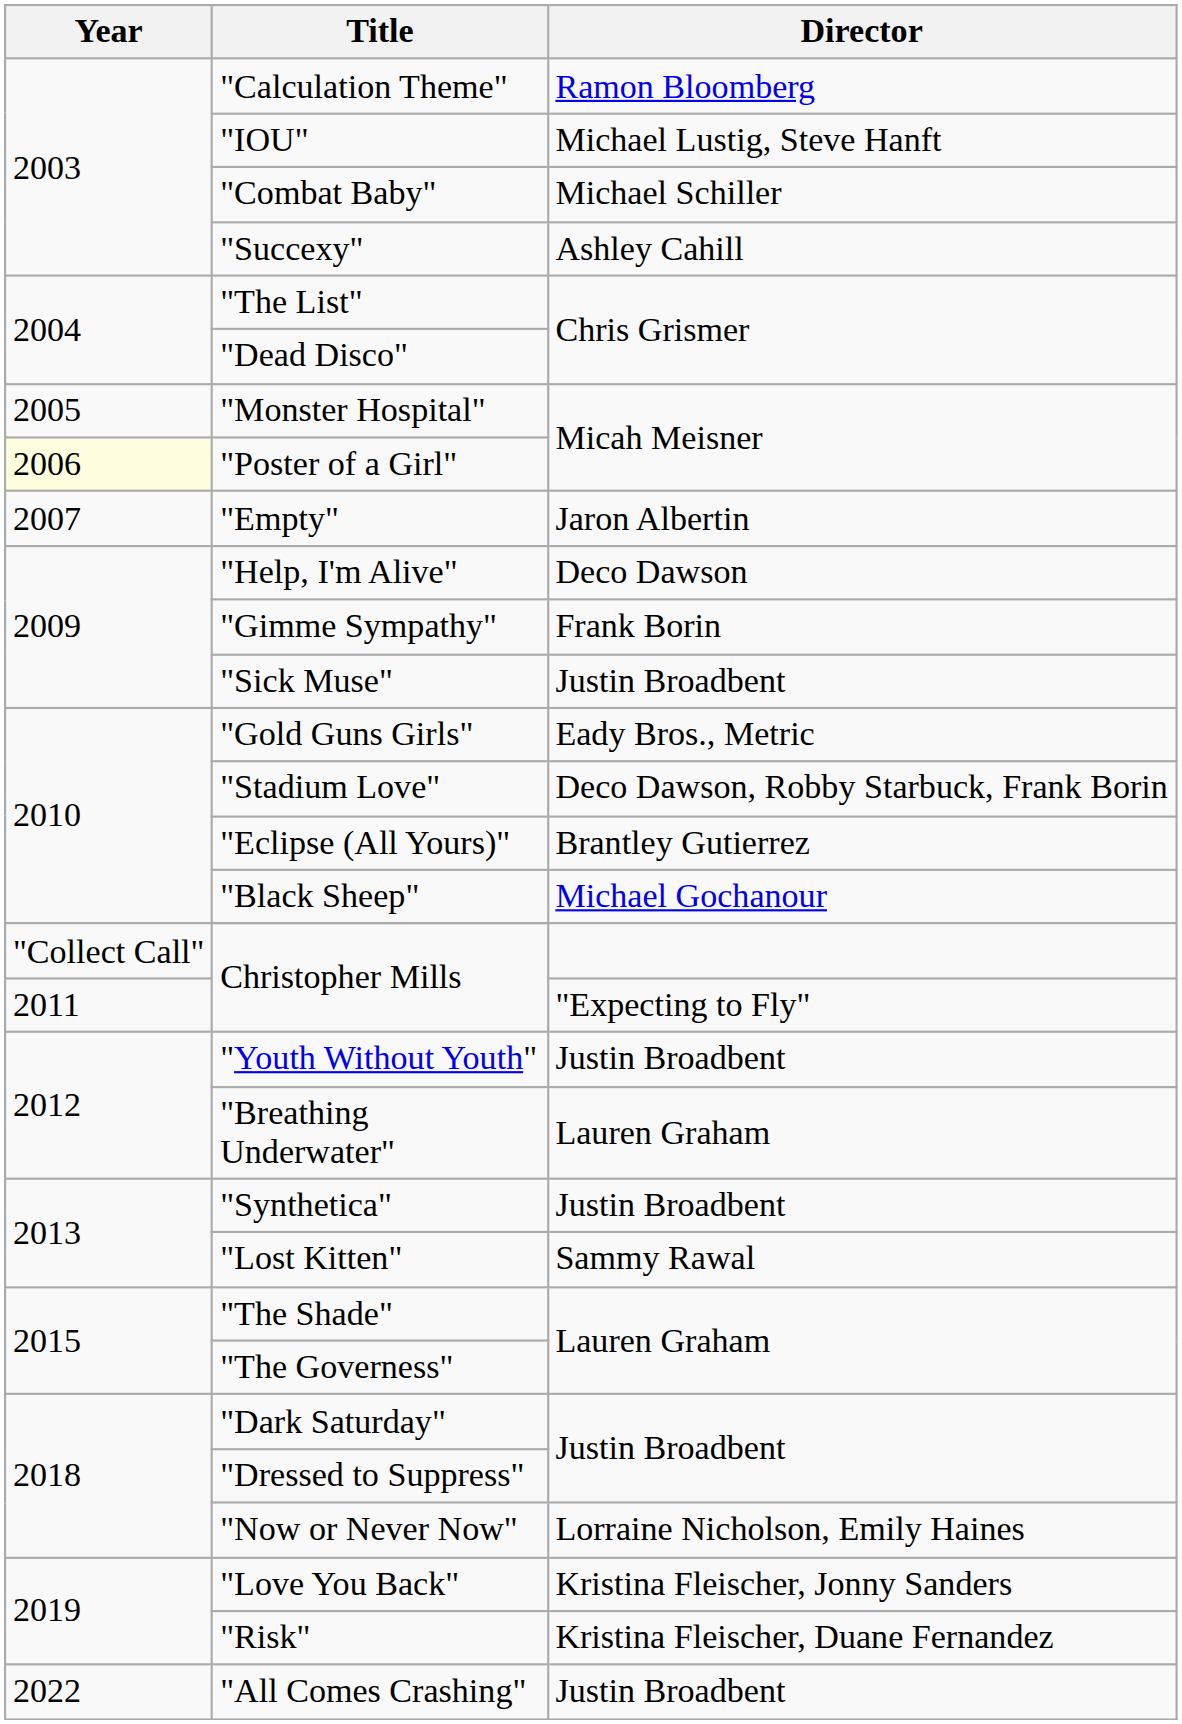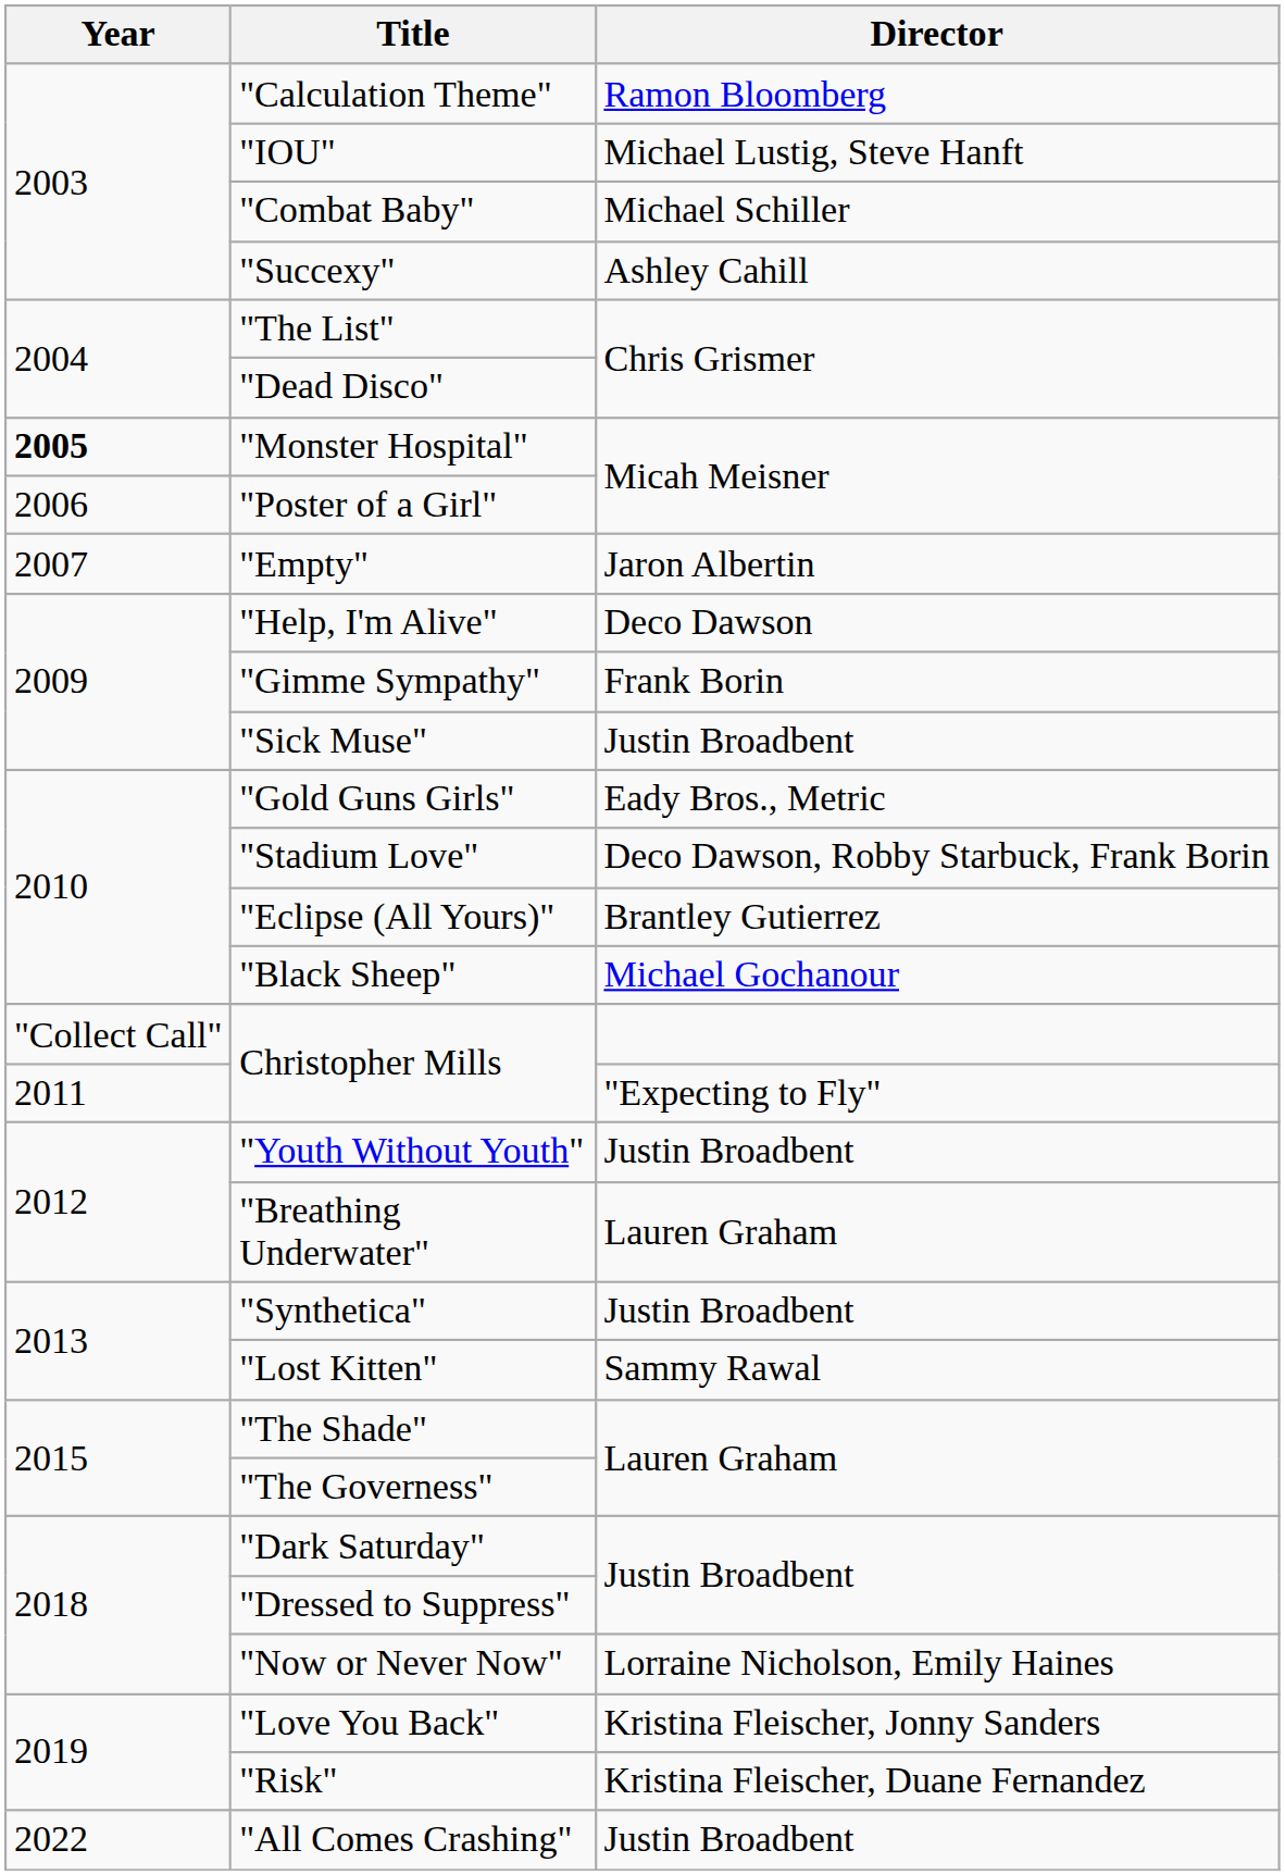 <table class="wikitable">
 <tr>
 <th>Year</th>
 <th width="150">Title</th>
 <th>Director</th>
 </tr>
 <tr>
 <td rowspan="4">2003</td>
 <td>"Calculation Theme"</td>
 <td><a href='#'>Ramon Bloomberg</a></td>
 </tr>
 <tr>
 <td>"IOU"</td>
 <td>Michael Lustig, Steve Hanft</td>
 </tr>
 <tr>
 <td>"Combat Baby"</td>
 <td>Michael Schiller</td>
 </tr>
 <tr>
 <td>"Succexy"</td>
 <td>Ashley Cahill</td>
 </tr>
 <tr>
 <td rowspan="2">2004</td>
 <td>"The List"</td>
 <td rowspan="2">Chris Grismer</td>
 </tr>
 <tr>
 <td>"Dead Disco"</td>
 </tr>
 <tr>
-<td>2005</td>
+<td><strong>2005</strong></td>
 <td>"Monster Hospital"</td>
 <td rowspan="2">Micah Meisner</td>
 </tr>
 <tr>
-<td style="background: lightyellow;">2006</td>
+<td>2006</td>
 <td>"Poster of a Girl"</td>
 </tr>
 <tr>
 <td>2007</td>
 <td>"Empty"</td>
 <td>Jaron Albertin</td>
 </tr>
 <tr>
 <td rowspan="3">2009</td>
 <td>"Help, I'm Alive"</td>
 <td>Deco Dawson</td>
 </tr>
 <tr>
 <td>"Gimme Sympathy"</td>
 <td>Frank Borin</td>
 </tr>
 <tr>
 <td>"Sick Muse"</td>
 <td>Justin Broadbent</td>
 </tr>
 <tr>
 <td rowspan="5">2010</td>
 <td>"Gold Guns Girls"</td>
 <td>Eady Bros., Metric</td>
 </tr>
 <tr>
 <td>"Stadium Love"</td>
 <td>Deco Dawson, Robby Starbuck, Frank Borin</td>
 </tr>
 <tr>
 <td>"Eclipse (All Yours)"</td>
 <td>Brantley Gutierrez</td>
 </tr>
 <tr>
 <td>"Black Sheep"</td>
 <td><a href='#'>Michael Gochanour</a></td>
 </tr>
 <tr>
 </tr>
 <tr>
 <td>"Collect Call"</td>
 <td rowspan="2">Christopher Mills</td>
 </tr>
 <tr>
 <td>2011</td>
 <td>"Expecting to Fly"</td>
 </tr>
 <tr>
 <td rowspan="2">2012</td>
 <td>"<a href='#'>Youth Without Youth</a>"</td>
 <td>Justin Broadbent</td>
 </tr>
 <tr>
 <td>"Breathing Underwater"</td>
 <td>Lauren Graham</td>
 </tr>
 <tr>
 <td rowspan="2">2013</td>
 <td>"Synthetica"</td>
 <td>Justin Broadbent</td>
 </tr>
 <tr>
 <td>"Lost Kitten"</td>
 <td>Sammy Rawal</td>
 </tr>
 <tr>
 <td rowspan="2">2015</td>
 <td>"The Shade"</td>
 <td rowspan="2">Lauren Graham</td>
 </tr>
 <tr>
 <td>"The Governess"</td>
 </tr>
 <tr>
 <td rowspan="3">2018</td>
 <td>"Dark Saturday"</td>
 <td rowspan="2">Justin Broadbent</td>
 </tr>
 <tr>
 <td>"Dressed to Suppress"</td>
 </tr>
 <tr>
 <td>"Now or Never Now"</td>
 <td>Lorraine Nicholson, Emily Haines</td>
 </tr>
 <tr>
 <td rowspan="2">2019</td>
 <td>"Love You Back"</td>
 <td>Kristina Fleischer, Jonny Sanders</td>
 </tr>
 <tr>
 <td>"Risk"</td>
 <td>Kristina Fleischer, Duane Fernandez</td>
 </tr>
 <tr>
 <td>2022</td>
 <td>"All Comes Crashing"</td>
 <td>Justin Broadbent</td>
 </tr>
 <tr>
 </tr>
 </table>
